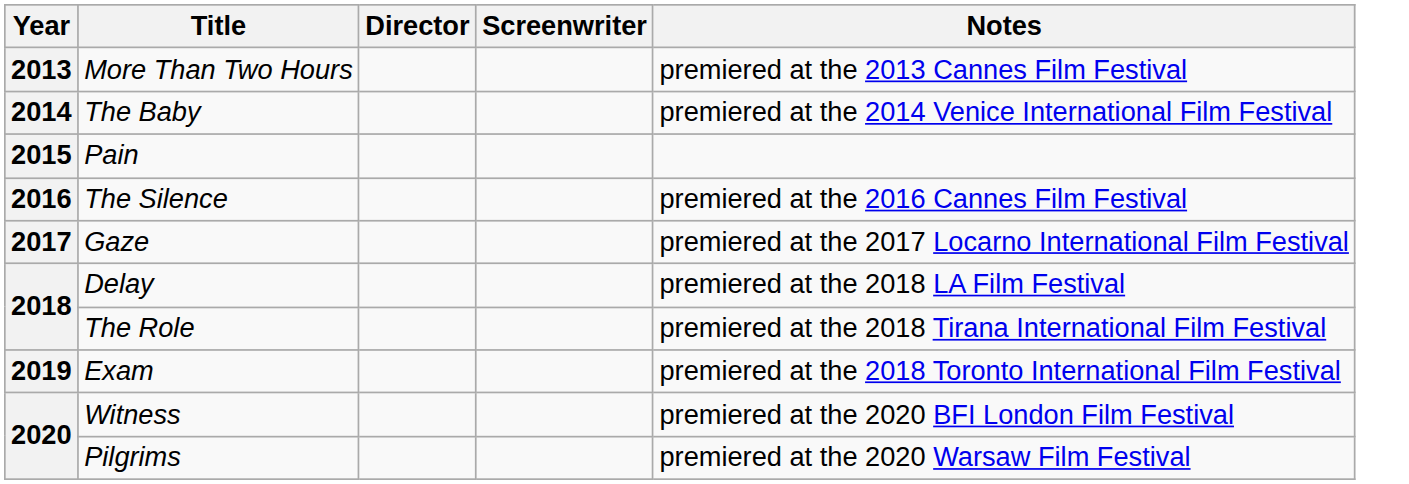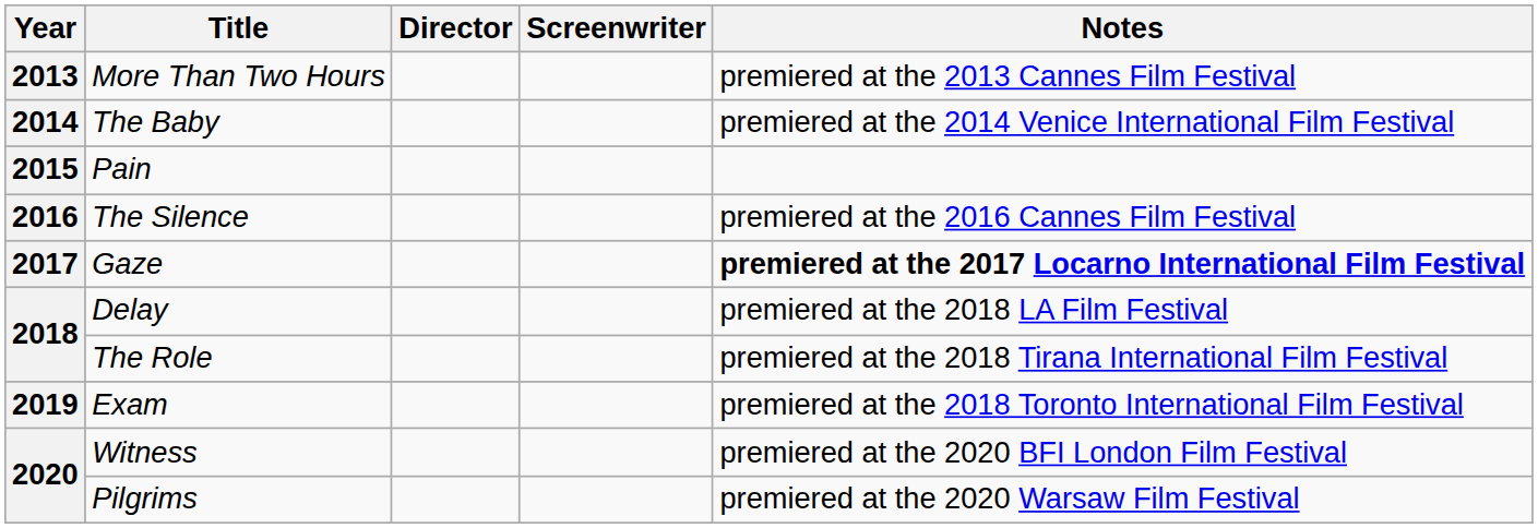 <table class="wikitable plainrowheaders sortable"  style=font-size:100%>
 <tr>
 <th scope="col">Year</th>
 <th scope="col">Title</th>
 <th scope="col">Director</th>
 <th scope="col">Screenwriter</th>
 <th scope="col" class="unsortable">Notes</th>
 </tr>
 <tr>
 <th scope=row>2013</th>
 <td More Than Two Hours><em>More Than Two Hours</em></td>
 <td></td>
 <td></td>
 <td>premiered at the <a href='#'>2013 Cannes Film Festival</a></td>
 </tr>
 <tr>
 <th scope=row>2014</th>
 <td The Baby><em>The Baby</em></td>
 <td></td>
 <td></td>
 <td>premiered at the <a href='#'>2014 Venice International Film Festival</a></td>
 </tr>
 <tr>
 <th scope=row>2015</th>
 <td Pain><em>Pain</em></td>
 <td></td>
 <td></td>
 <td></td>
 </tr>
 <tr>
 <th scope=row>2016</th>
 <td The Silence><em>The Silence</em></td>
 <td></td>
 <td></td>
 <td>premiered at the <a href='#'>2016 Cannes Film Festival</a></td>
 </tr>
 <tr>
 <th scope=row>2017</th>
 <td Gaze><em>Gaze</em></td>
 <td></td>
 <td></td>
-<td>premiered at the 2017 <a href='#'>Locarno International Film Festival</a></td>
+<td><strong>premiered at the 2017 <a href='#'>Locarno International Film Festival</a></strong></td>
 </tr>
 <tr>
 <th scope=row rowspan="2">2018</th>
 <td Delay><em>Delay</em></td>
 <td></td>
 <td></td>
 <td>premiered at the 2018 <a href='#'>LA Film Festival</a></td>
 </tr>
 <tr>
 <td role="" The><em>The Role</em></td>
 <td></td>
 <td></td>
 <td>premiered at the 2018 <a href='#'>Tirana International Film Festival</a></td>
 </tr>
 <tr>
 <th scope=row>2019</th>
 <td Exam><em>Exam</em></td>
 <td></td>
 <td></td>
 <td>premiered at the <a href='#'>2018 Toronto International Film Festival</a></td>
 </tr>
 <tr>
 <th scope=row rowspan="2">2020</th>
 <td Witness><em>Witness</em></td>
 <td></td>
 <td></td>
 <td>premiered at the 2020 <a href='#'>BFI London Film Festival</a></td>
 </tr>
 <tr>
 <td Pilgrims><em>Pilgrims</em></td>
 <td></td>
 <td></td>
 <td>premiered at the 2020 <a href='#'>Warsaw Film Festival</a></td>
 </tr>
 </table>
